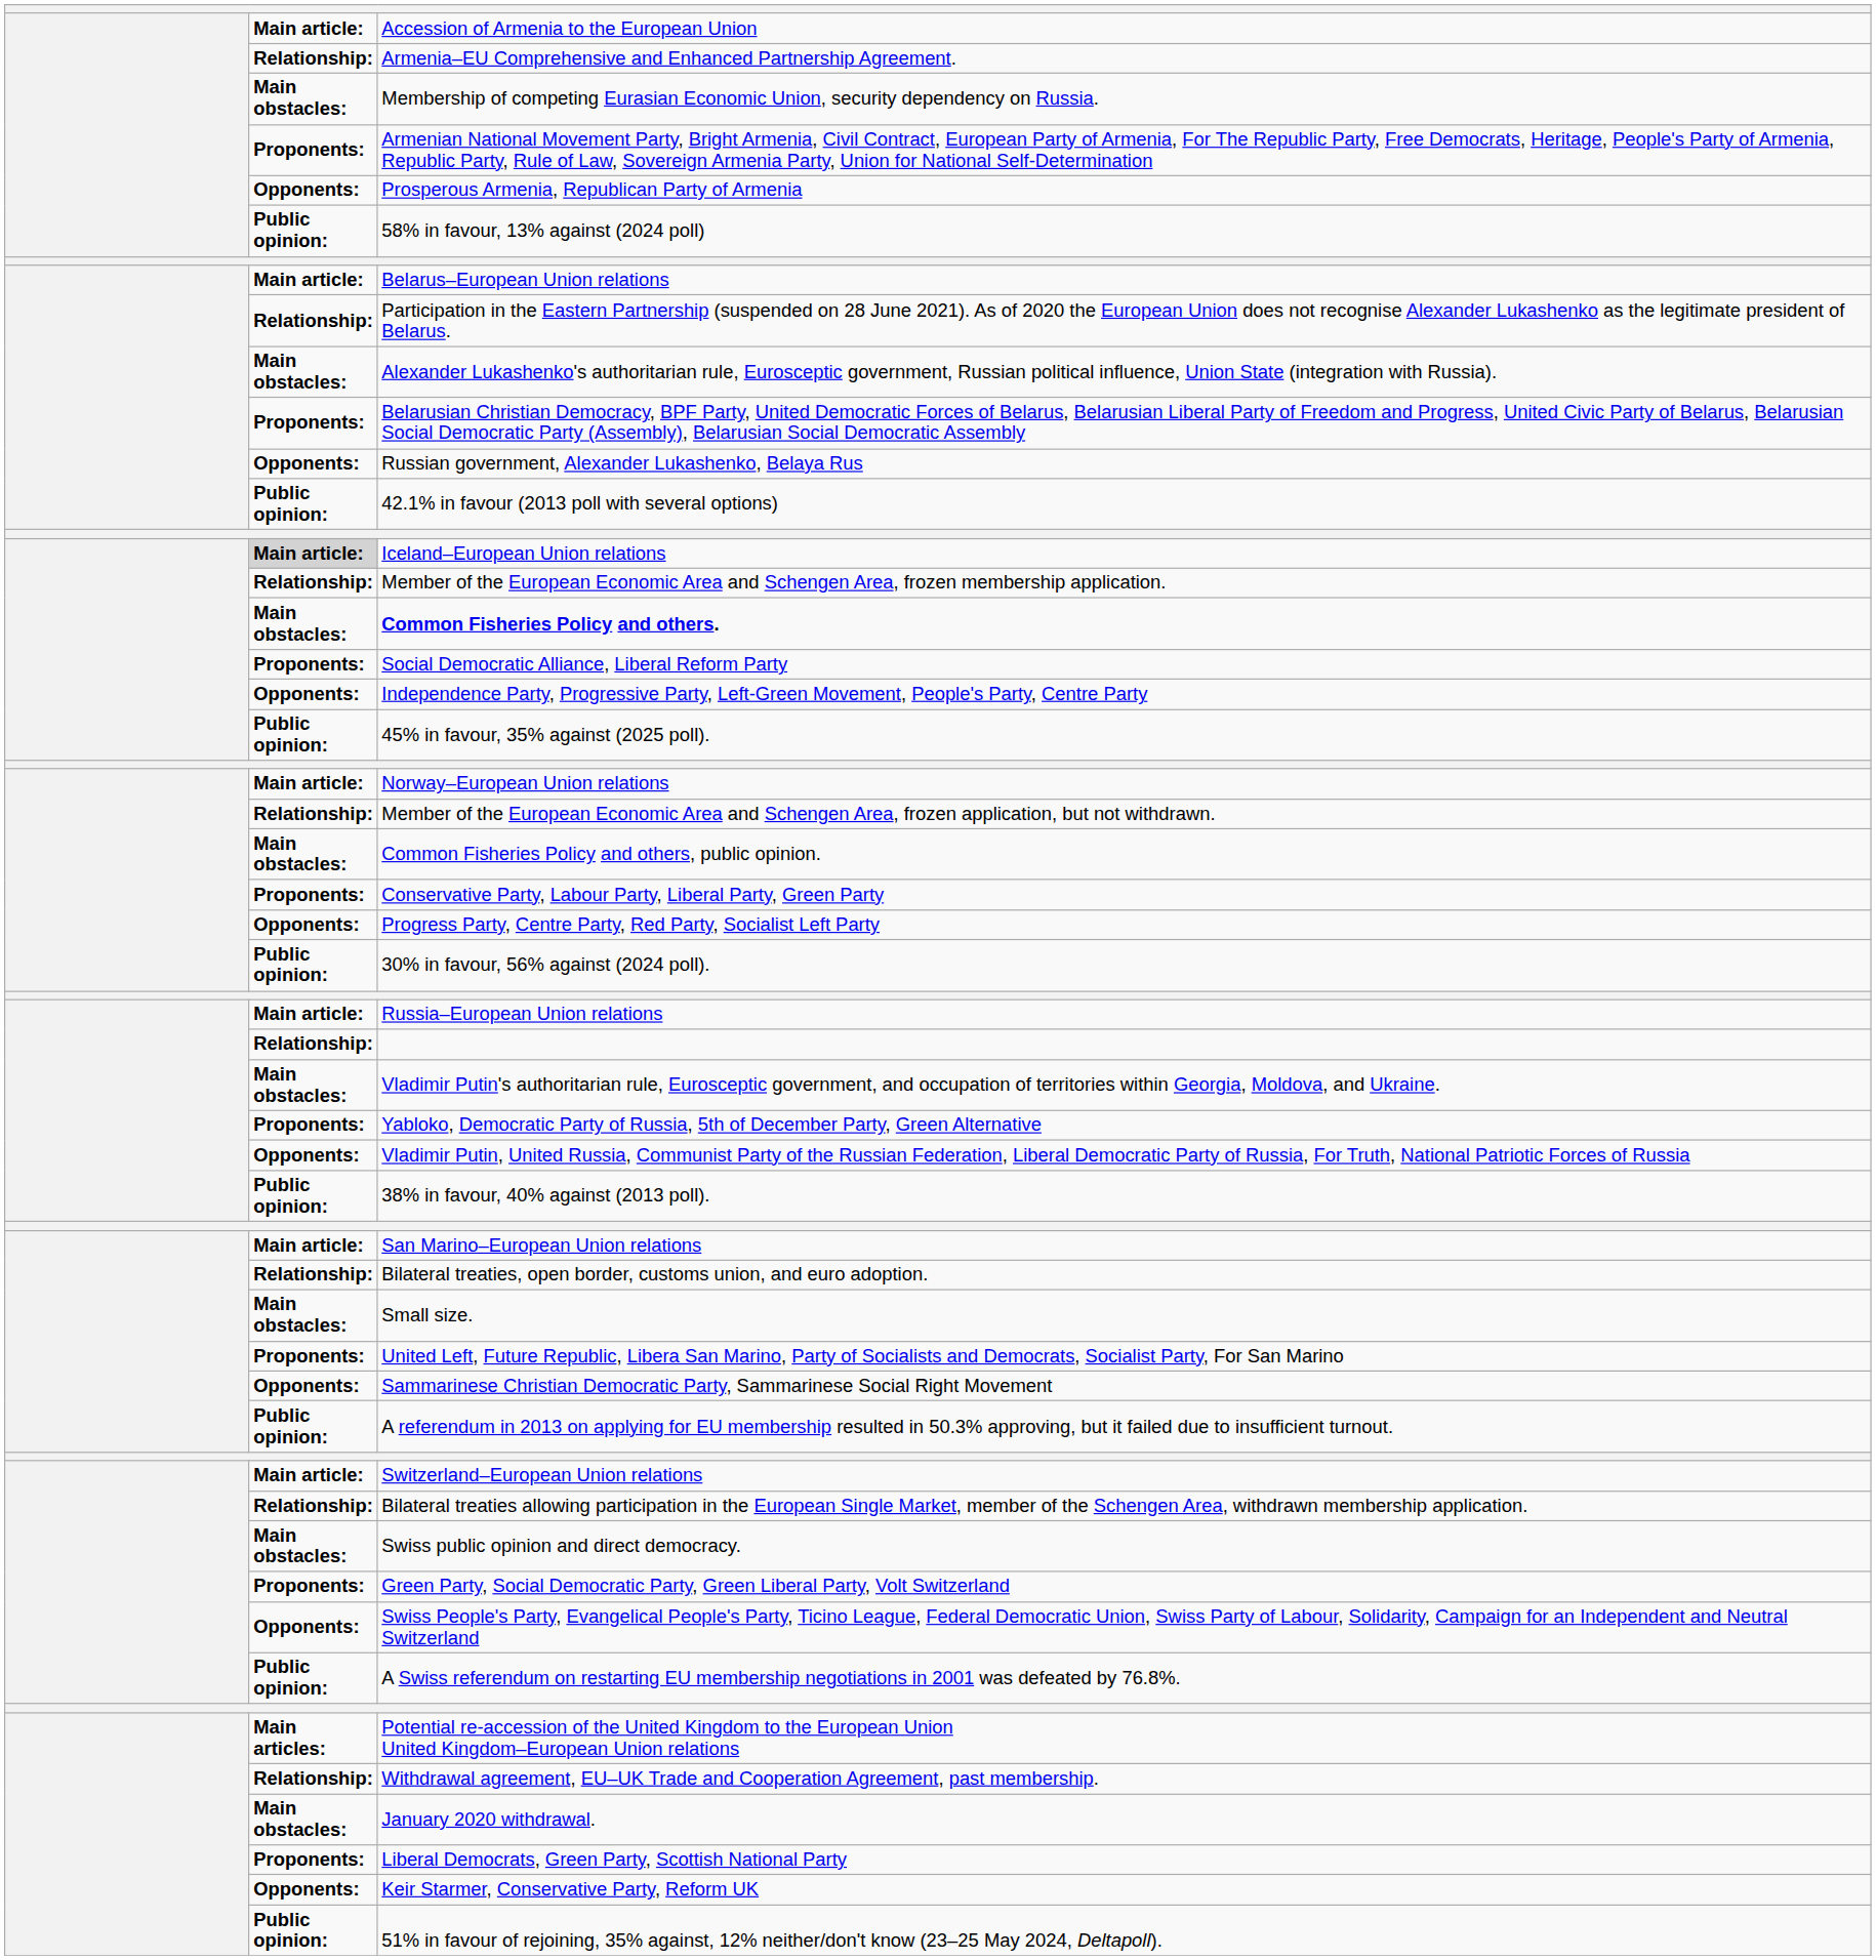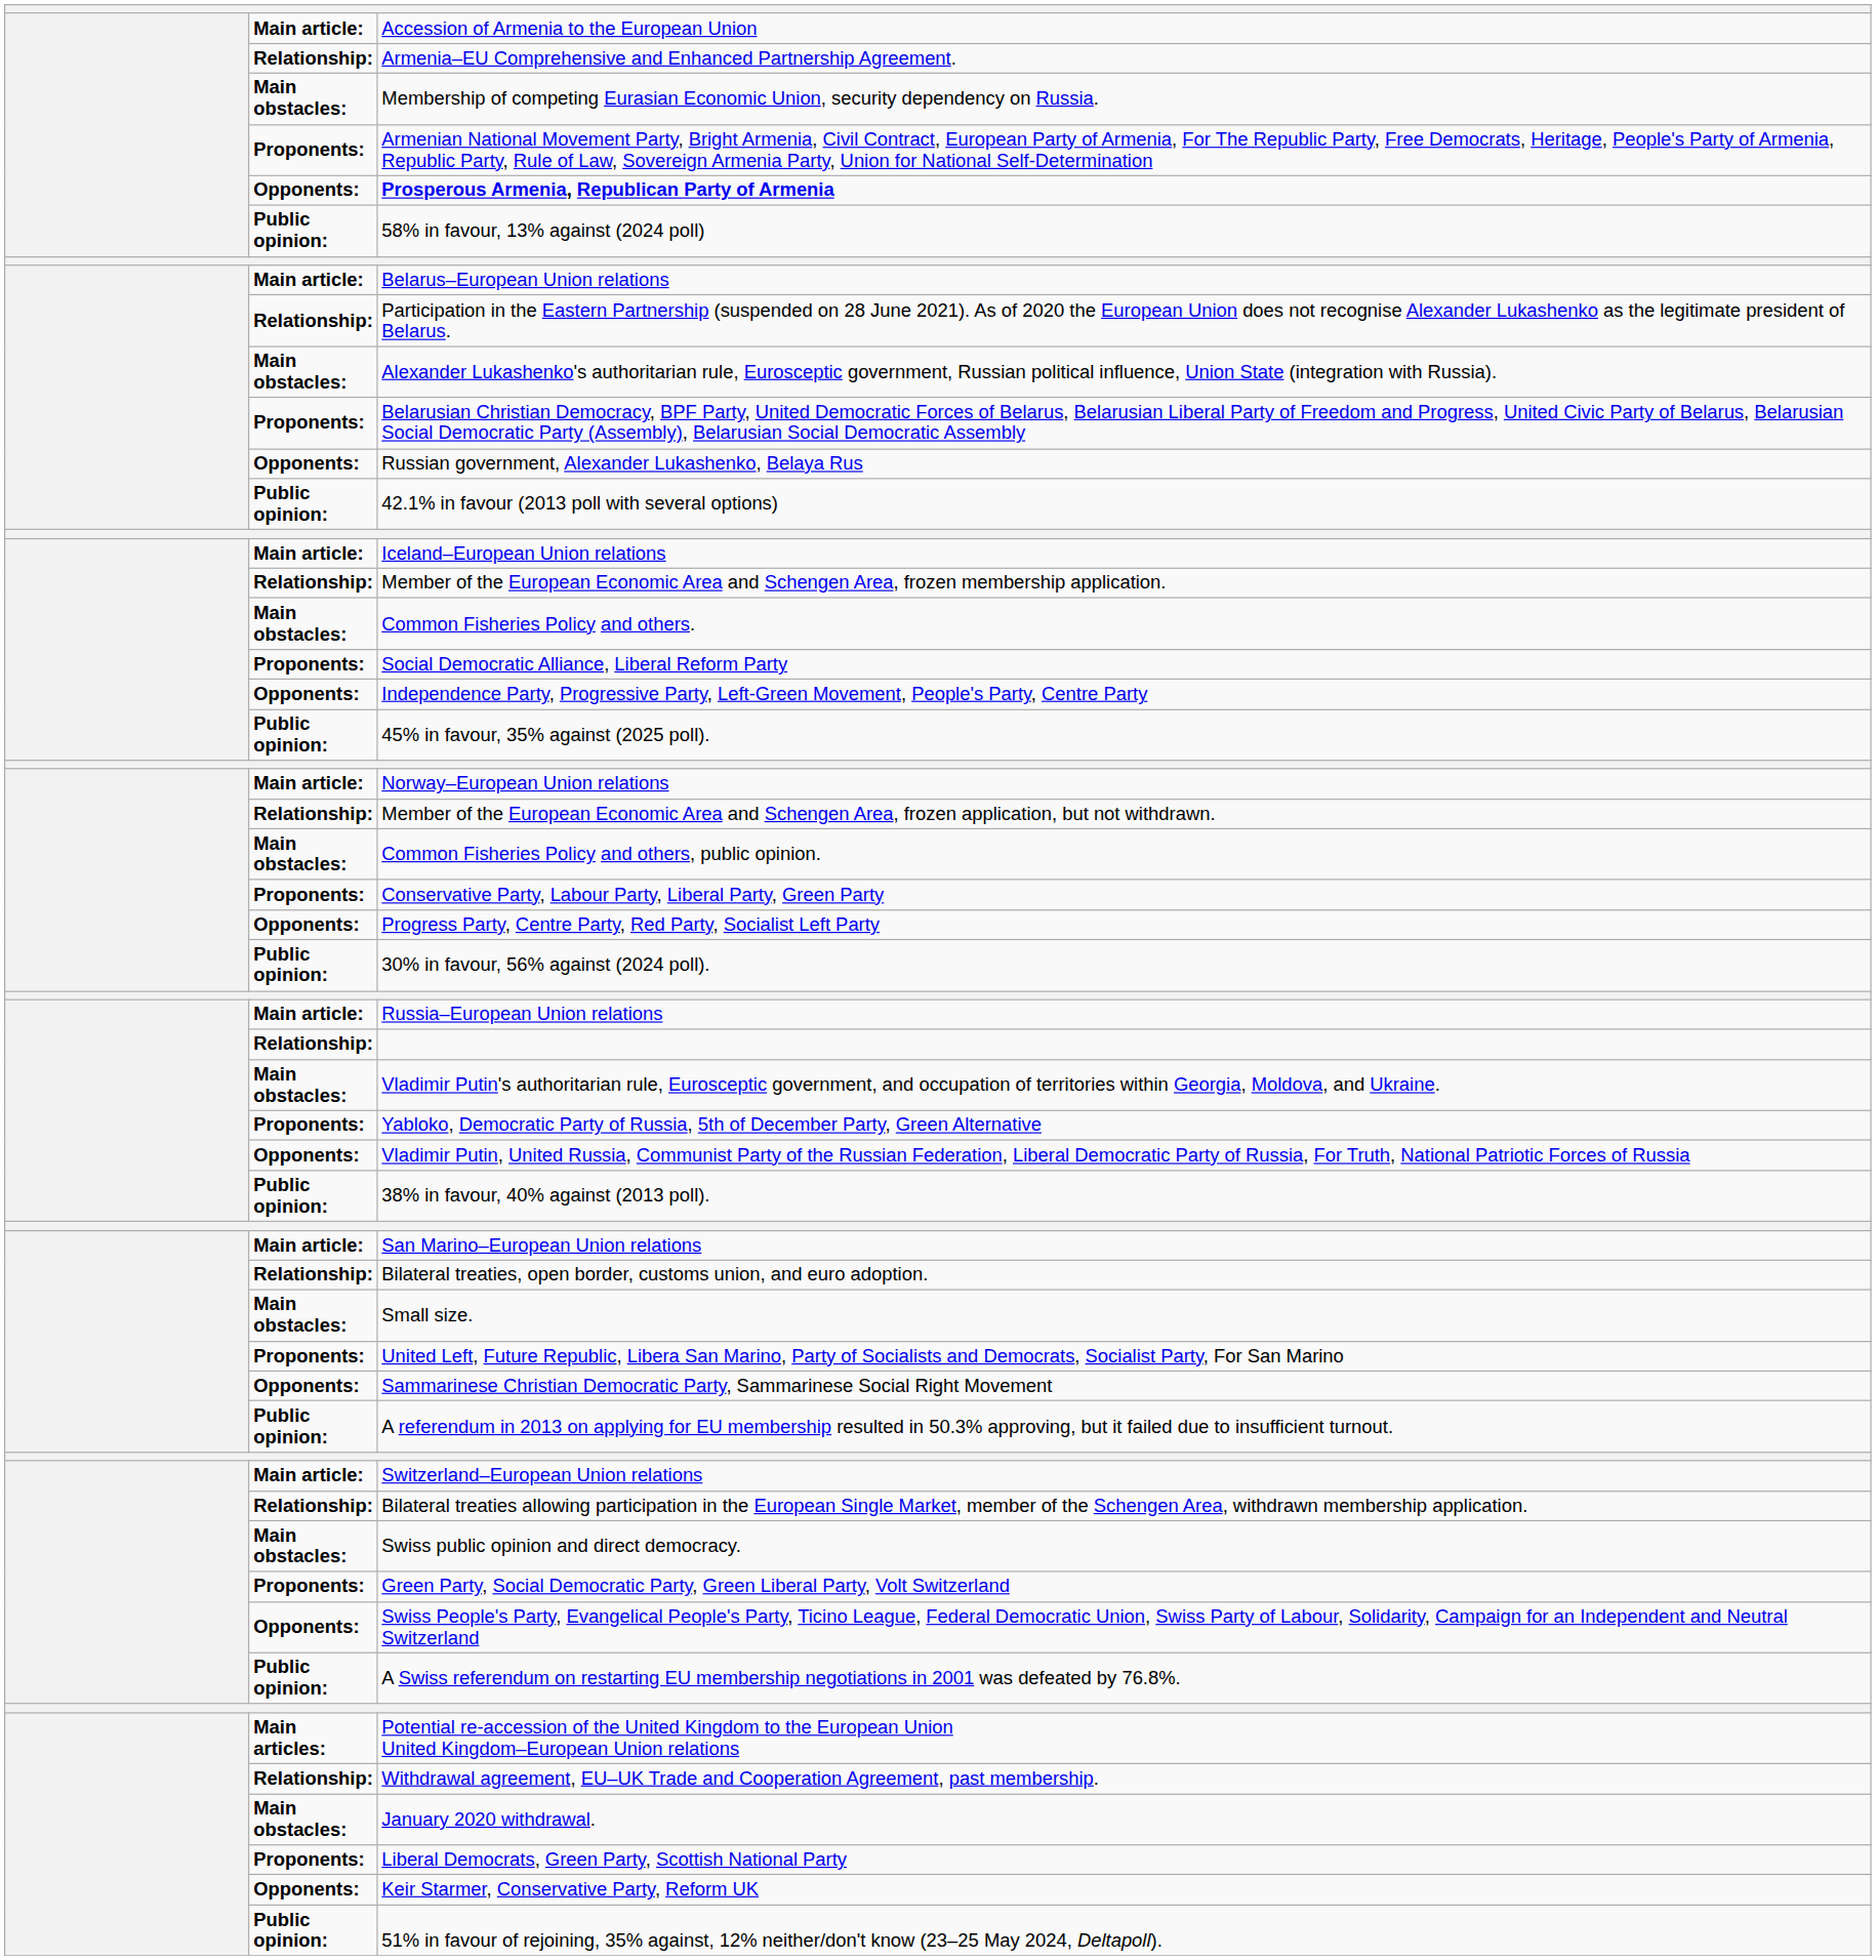 <table class="wikitable" style="width:100%">
 <tr>
 <th colspan=3></th>
 </tr>
 <tr>
 <th rowspan=6 style="width:200px"></th>
 <td style="width:100px"><strong>Main article:</strong></td>
 <td><a href='#'>Accession of Armenia to the European Union</a></td>
 </tr>
 <tr>
 <td><strong>Relationship:</strong></td>
 <td><a href='#'>Armenia–EU Comprehensive and Enhanced Partnership Agreement</a>.</td>
 </tr>
 <tr>
 <td><strong>Main obstacles:</strong></td>
 <td>Membership of competing <a href='#'>Eurasian Economic Union</a>, security dependency on <a href='#'>Russia</a>.</td>
 </tr>
 <tr>
 <td><strong>Proponents:</strong></td>
 <td><a href='#'>Armenian National Movement Party</a>, <a href='#'>Bright Armenia</a>, <a href='#'>Civil Contract</a>, <a href='#'>European Party of Armenia</a>, <a href='#'>For The Republic Party</a>, <a href='#'>Free Democrats</a>, <a href='#'>Heritage</a>, <a href='#'>People's Party of Armenia</a>, <a href='#'>Republic Party</a>, <a href='#'>Rule of Law</a>, <a href='#'>Sovereign Armenia Party</a>, <a href='#'>Union for National Self-Determination</a></td>
 </tr>
 <tr>
 <td><strong>Opponents:</strong></td>
-<td><a href='#'>Prosperous Armenia</a>, <a href='#'>Republican Party of Armenia</a></td>
+<td><strong><a href='#'>Prosperous Armenia</a>, <a href='#'>Republican Party of Armenia</a></strong></td>
 </tr>
 <tr>
 <td><strong>Public opinion:</strong></td>
 <td>58% in favour, 13% against (2024 poll)</td>
 </tr>
 <tr>
 <th colspan=3></th>
 </tr>
 <tr>
 <th rowspan=6 style="width:200px"></th>
 <td style="width:100px"><strong>Main article:</strong></td>
 <td><a href='#'>Belarus–European Union relations</a></td>
 </tr>
 <tr>
 <td><strong>Relationship:</strong></td>
 <td>Participation in the <a href='#'>Eastern Partnership</a> (suspended on 28 June 2021). As of 2020 the <a href='#'>European Union</a> does not recognise <a href='#'>Alexander Lukashenko</a> as the legitimate president of <a href='#'>Belarus</a>.</td>
 </tr>
 <tr>
 <td><strong>Main obstacles:</strong></td>
 <td><a href='#'>Alexander Lukashenko</a>'s authoritarian rule, <a href='#'>Eurosceptic</a> government, Russian political influence, <a href='#'>Union State</a> (integration with Russia).</td>
 </tr>
 <tr>
 <td><strong>Proponents:</strong></td>
 <td><a href='#'>Belarusian Christian Democracy</a>, <a href='#'>BPF Party</a>, <a href='#'>United Democratic Forces of Belarus</a>, <a href='#'>Belarusian Liberal Party of Freedom and Progress</a>, <a href='#'>United Civic Party of Belarus</a>, <a href='#'>Belarusian Social Democratic Party (Assembly)</a>, <a href='#'>Belarusian Social Democratic Assembly</a></td>
 </tr>
 <tr>
 <td><strong>Opponents:</strong></td>
 <td>Russian government, <a href='#'>Alexander Lukashenko</a>, <a href='#'>Belaya Rus</a></td>
 </tr>
 <tr>
 <td><strong>Public opinion:</strong></td>
 <td>42.1% in favour (2013 poll with several options)</td>
 </tr>
 <tr>
 <th colspan=3></th>
 </tr>
 <tr>
 <th rowspan=6 style="width:200px"></th>
-<td style="background: lightgrey; width:100px"><strong>Main article:</strong></td>
+<td style="width:100px"><strong>Main article:</strong></td>
 <td><a href='#'>Iceland–European Union relations</a></td>
 </tr>
 <tr>
 <td><strong>Relationship:</strong></td>
 <td>Member of the <a href='#'>European Economic Area</a> and <a href='#'>Schengen Area</a>, frozen membership application.</td>
 </tr>
 <tr>
 <td><strong>Main obstacles:</strong></td>
-<td><strong><a href='#'>Common Fisheries Policy</a> <a href='#'>and others</a>.</strong></td>
+<td><a href='#'>Common Fisheries Policy</a> <a href='#'>and others</a>.</td>
 </tr>
 <tr>
 <td><strong>Proponents:</strong></td>
 <td><a href='#'>Social Democratic Alliance</a>, <a href='#'>Liberal Reform Party</a></td>
 </tr>
 <tr>
 <td><strong>Opponents:</strong></td>
 <td><a href='#'>Independence Party</a>, <a href='#'>Progressive Party</a>, <a href='#'>Left-Green Movement</a>, <a href='#'>People's Party</a>, <a href='#'>Centre Party</a></td>
 </tr>
 <tr>
 <td><strong>Public opinion:</strong></td>
 <td>45% in favour, 35% against (2025 poll).</td>
 </tr>
 <tr>
 <th colspan=3></th>
 </tr>
 <tr>
 <th rowspan=6 style="width:200px"></th>
 <td style="width:100px"><strong>Main article:</strong></td>
 <td><a href='#'>Norway–European Union relations</a></td>
 </tr>
 <tr>
 <td><strong>Relationship:</strong></td>
 <td>Member of the <a href='#'>European Economic Area</a> and <a href='#'>Schengen Area</a>, frozen application, but not withdrawn.</td>
 </tr>
 <tr>
 <td><strong>Main obstacles:</strong></td>
 <td><a href='#'>Common Fisheries Policy</a> <a href='#'>and others</a>, public opinion.</td>
 </tr>
 <tr>
 <td><strong>Proponents:</strong></td>
 <td><a href='#'>Conservative Party</a>, <a href='#'>Labour Party</a>, <a href='#'>Liberal Party</a>, <a href='#'>Green Party</a></td>
 </tr>
 <tr>
 <td><strong>Opponents:</strong></td>
 <td><a href='#'>Progress Party</a>, <a href='#'>Centre Party</a>, <a href='#'>Red Party</a>, <a href='#'>Socialist Left Party</a></td>
 </tr>
 <tr>
 <td><strong>Public opinion:</strong></td>
 <td>30% in favour, 56% against (2024 poll).</td>
 </tr>
 <tr>
 <th colspan=3></th>
 </tr>
 <tr>
 <th rowspan=6 style="width:200px"></th>
 <td style="width:100px"><strong>Main article:</strong></td>
 <td><a href='#'>Russia–European Union relations</a></td>
 </tr>
 <tr>
 <td><strong>Relationship:</strong></td>
 <td></td>
 </tr>
 <tr>
 <td><strong>Main obstacles:</strong></td>
 <td><a href='#'>Vladimir Putin</a>'s authoritarian rule, <a href='#'>Eurosceptic</a> government, and occupation of territories within <a href='#'>Georgia</a>, <a href='#'>Moldova</a>, and <a href='#'>Ukraine</a>.</td>
 </tr>
 <tr>
 <td><strong>Proponents:</strong></td>
 <td><a href='#'>Yabloko</a>, <a href='#'>Democratic Party of Russia</a>, <a href='#'>5th of December Party</a>, <a href='#'>Green Alternative</a></td>
 </tr>
 <tr>
 <td><strong>Opponents:</strong></td>
 <td><a href='#'>Vladimir Putin</a>, <a href='#'>United Russia</a>, <a href='#'>Communist Party of the Russian Federation</a>, <a href='#'>Liberal Democratic Party of Russia</a>, <a href='#'>For Truth</a>, <a href='#'>National Patriotic Forces of Russia</a></td>
 </tr>
 <tr>
 <td><strong>Public opinion:</strong></td>
 <td>38% in favour, 40% against (2013 poll).</td>
 </tr>
 <tr>
 <th colspan=3></th>
 </tr>
 <tr>
 <th rowspan=6 style="width:200px"></th>
 <td style="width:100px"><strong>Main article:</strong></td>
 <td><a href='#'>San Marino–European Union relations</a> </td>
 </tr>
 <tr>
 <td><strong>Relationship:</strong></td>
 <td>Bilateral treaties, open border, customs union, and euro adoption.</td>
 </tr>
 <tr>
 <td><strong>Main obstacles:</strong></td>
 <td>Small size.</td>
 </tr>
 <tr>
 <td><strong>Proponents:</strong></td>
 <td><a href='#'>United Left</a>, <a href='#'>Future Republic</a>, <a href='#'>Libera San Marino</a>, <a href='#'>Party of Socialists and Democrats</a>, <a href='#'>Socialist Party</a>, For San Marino</td>
 </tr>
 <tr>
 <td><strong>Opponents:</strong></td>
 <td><a href='#'>Sammarinese Christian Democratic Party</a>, Sammarinese Social Right Movement</td>
 </tr>
 <tr>
 <td><strong>Public opinion:</strong></td>
 <td>A <a href='#'>referendum in 2013 on applying for EU membership</a> resulted in 50.3% approving, but it failed due to insufficient turnout.</td>
 </tr>
 <tr>
 <th colspan=3></th>
 </tr>
 <tr>
 <th rowspan=6 style="width:200px"></th>
 <td style="width:100px"><strong>Main article:</strong></td>
 <td><a href='#'>Switzerland–European Union relations</a></td>
 </tr>
 <tr>
 <td><strong>Relationship:</strong></td>
 <td>Bilateral treaties allowing participation in the <a href='#'>European Single Market</a>, member of the <a href='#'>Schengen Area</a>, withdrawn membership application.</td>
 </tr>
 <tr>
 <td><strong>Main obstacles:</strong></td>
 <td>Swiss public opinion and direct democracy.</td>
 </tr>
 <tr>
 <td><strong>Proponents:</strong></td>
 <td><a href='#'>Green Party</a>, <a href='#'>Social Democratic Party</a>, <a href='#'>Green Liberal Party</a>, <a href='#'>Volt Switzerland</a></td>
 </tr>
 <tr>
 <td><strong>Opponents:</strong></td>
 <td><a href='#'>Swiss People's Party</a>, <a href='#'>Evangelical People's Party</a>, <a href='#'>Ticino League</a>, <a href='#'>Federal Democratic Union</a>, <a href='#'>Swiss Party of Labour</a>, <a href='#'>Solidarity</a>, <a href='#'>Campaign for an Independent and Neutral Switzerland</a></td>
 </tr>
 <tr>
 <td><strong>Public opinion:</strong></td>
 <td>A <a href='#'>Swiss referendum on restarting EU membership negotiations in 2001</a> was defeated by 76.8%.</td>
 </tr>
 <tr>
 <th colspan=3></th>
 </tr>
 <tr>
 <th rowspan=6 style="width:200px"></th>
 <td style="width:100px"><strong>Main articles:</strong></td>
 <td><a href='#'>Potential re-accession of the United Kingdom to the European Union</a><br><a href='#'>United Kingdom–European Union relations</a></td>
 </tr>
 <tr>
 <td><strong>Relationship:</strong></td>
 <td><a href='#'>Withdrawal agreement</a>, <a href='#'>EU–UK Trade and Cooperation Agreement</a>, <a href='#'>past membership</a>.</td>
 </tr>
 <tr>
 <td><strong>Main obstacles:</strong></td>
 <td><a href='#'>January 2020 withdrawal</a>.</td>
 </tr>
 <tr>
 <td><strong>Proponents:</strong></td>
 <td><a href='#'>Liberal Democrats</a>, <a href='#'>Green Party</a>, <a href='#'>Scottish National Party</a></td>
 </tr>
 <tr>
 <td><strong>Opponents:</strong></td>
 <td><a href='#'>Keir Starmer</a>, <a href='#'>Conservative Party</a>, <a href='#'>Reform UK</a></td>
 </tr>
 <tr>
 <td><strong>Public opinion:</strong></td>
 <td><br>51% in favour of rejoining, 35% against, 12% neither/don't know (23–25 May 2024, <em>Deltapoll</em>).</td>
 </tr>
 </table>
